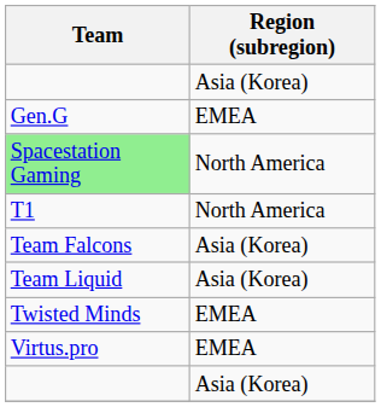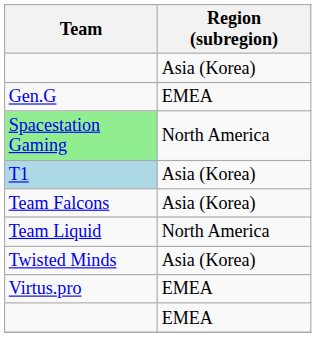 <table class="wikitable sortable plainrowheaders" style="text-align:left">
 <tr>
 <th style="width:8em">Team</th>
 <th style="width:8em">Region (subregion)</th>
 </tr>
 <tr>
 <td></td>
 <td>Asia (Korea)</td>
 </tr>
 <tr>
 <td><a href='#'>Gen.G</a></td>
 <td>EMEA</td>
 </tr>
 <tr>
 <td style="background: lightgreen;"><a href='#'>Spacestation Gaming</a></td>
 <td>North America</td>
 </tr>
 <tr>
-<td><a href='#'>T1</a></td>
-<td>North America</td>
+<td style="background: lightblue;"><a href='#'>T1</a></td>
+<td>Asia (Korea)</td>
 </tr>
 <tr>
 <td><a href='#'>Team Falcons</a></td>
 <td>Asia (Korea)</td>
 </tr>
 <tr>
 <td><a href='#'>Team Liquid</a></td>
-<td>Asia (Korea)</td>
+<td>North America</td>
 </tr>
 <tr>
 <td><a href='#'>Twisted Minds</a></td>
-<td>EMEA</td>
+<td>Asia (Korea)</td>
 </tr>
 <tr>
 <td><a href='#'>Virtus.pro</a></td>
 <td>EMEA</td>
 </tr>
 <tr>
 <td></td>
-<td>Asia (Korea)</td>
+<td>EMEA</td>
 </tr>
 <tr>
 </tr>
 </table>
